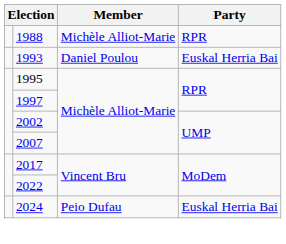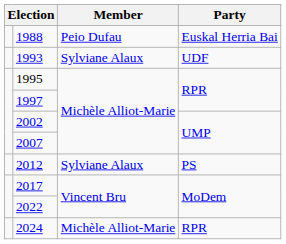 <table class="wikitable">
 <tr>
 <th colspan=2>Election</th>
 <th>Member </th>
 <th>Party</th>
 </tr>
 <tr>
 <td style="background-color: "></td>
 <td><a href='#'>1988</a></td>
-<td><a href='#'>Michèle Alliot-Marie</a></td>
-<td><a href='#'>RPR</a></td>
+<td><a href='#'>Peio Dufau</a></td>
+<td><a href='#'>Euskal Herria Bai</a></td>
 </tr>
 <tr>
 <td style="background-color: "></td>
 <td><a href='#'>1993</a></td>
-<td><a href='#'>Daniel Poulou</a></td>
-<td><a href='#'>Euskal Herria Bai</a></td>
+<td><a href='#'>Sylviane Alaux</a></td>
+<td><a href='#'>UDF</a></td>
 </tr>
 <tr>
 <td rowspan=4 style="background-color: "></td>
 <td>1995</td>
 <td rowspan=4><a href='#'>Michèle Alliot-Marie</a></td>
 <td rowspan=2><a href='#'>RPR</a></td>
 </tr>
 <tr>
 <td><a href='#'>1997</a></td>
 </tr>
 <tr>
 <td><a href='#'>2002</a></td>
 <td rowspan=2><a href='#'>UMP</a></td>
 </tr>
 <tr>
 <td><a href='#'>2007</a></td>
 </tr>
 <tr>
+<td style="background-color: "></td>
+<td><a href='#'>2012</a></td>
+<td><a href='#'>Sylviane Alaux</a></td>
+<td><a href='#'>PS</a></td>
+</tr>
+<tr>
 <td rowspan="2" style="background-color: "></td>
 <td><a href='#'>2017</a></td>
 <td rowspan="2"><a href='#'>Vincent Bru</a></td>
 <td rowspan="2"><a href='#'>MoDem</a></td>
 </tr>
 <tr>
 <td><a href='#'>2022</a></td>
 </tr>
 <tr>
 <td style="background-color: "></td>
 <td><a href='#'>2024</a></td>
-<td><a href='#'>Peio Dufau</a></td>
-<td><a href='#'>Euskal Herria Bai</a></td>
+<td><a href='#'>Michèle Alliot-Marie</a></td>
+<td><a href='#'>RPR</a></td>
 </tr>
 </table>
